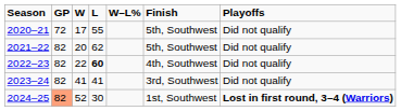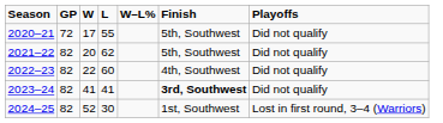 <table class="wikitable">
 <tr style="font-weight:bold; ">
 <td>Season</td>
 <td>GP</td>
 <td>W</td>
 <td>L</td>
 <td>W–L%</td>
 <td>Finish</td>
 <td>Playoffs</td>
 </tr>
 <tr>
 <td><a href='#'>2020–21</a></td>
 <td>72</td>
 <td>17</td>
 <td>55</td>
 <td></td>
 <td>5th, Southwest</td>
 <td>Did not qualify</td>
 </tr>
 <tr>
 <td><a href='#'>2021–22</a></td>
 <td>82</td>
 <td>20</td>
 <td>62</td>
 <td></td>
 <td>5th, Southwest</td>
 <td>Did not qualify</td>
 </tr>
 <tr>
 <td><a href='#'>2022–23</a></td>
 <td>82</td>
 <td>22</td>
-<td><strong>60</strong></td>
+<td>60</td>
 <td></td>
 <td>4th, Southwest</td>
 <td>Did not qualify</td>
 </tr>
 <tr>
 <td><a href='#'>2023–24</a></td>
 <td>82</td>
 <td>41</td>
 <td>41</td>
 <td></td>
-<td>3rd, Southwest</td>
+<td><strong>3rd, Southwest</strong></td>
 <td>Did not qualify</td>
 </tr>
 <tr>
 <td><a href='#'>2024–25</a></td>
-<td style="background: lightsalmon;">82</td>
+<td>82</td>
 <td>52</td>
 <td>30</td>
 <td></td>
 <td>1st, Southwest</td>
-<td><strong>Lost in first round, 3–4 (<a href='#'>Warriors</a>)</strong></td>
+<td>Lost in first round, 3–4 (<a href='#'>Warriors</a>)</td>
 </tr>
 </table>
